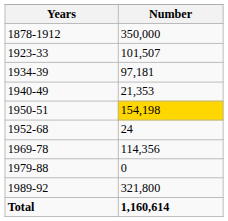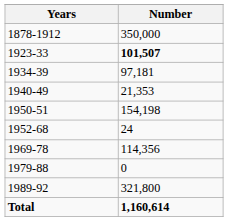 <table class="wikitable" style="width:18em; float:right; margin-left:1em">
 <tr>
 </tr>
 <tr>
 <th>Years</th>
 <th>Number</th>
 </tr>
 <tr>
 <td>1878-1912</td>
 <td>350,000</td>
 </tr>
 <tr>
 <td>1923-33</td>
-<td>101,507</td>
+<td><strong>101,507</strong></td>
 </tr>
 <tr>
 <td>1934-39</td>
 <td>97,181</td>
 </tr>
 <tr>
 <td>1940-49</td>
 <td>21,353</td>
 </tr>
 <tr>
 <td>1950-51</td>
-<td style="background: gold;">154,198</td>
+<td>154,198</td>
 </tr>
 <tr>
 <td>1952-68</td>
 <td>24</td>
 </tr>
 <tr>
 <td>1969-78</td>
 <td>114,356</td>
 </tr>
 <tr>
 <td>1979-88</td>
 <td>0</td>
 </tr>
 <tr>
 <td>1989-92</td>
 <td>321,800</td>
 </tr>
 <tr>
 <td><strong>Total</strong></td>
 <td><strong>1,160,614</strong></td>
 </tr>
 </table>
